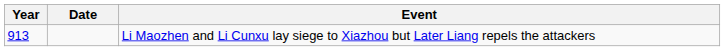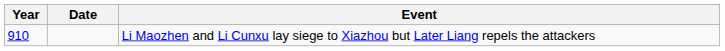 <table class="wikitable" width="100%">
 <tr>
 <th style="width:6%">Year</th>
 <th style="width:10%">Date</th>
 <th>Event</th>
 </tr>
 <tr>
-<td><a href='#'>913</a></td>
+<td><a href='#'>910</a></td>
 <td></td>
 <td><a href='#'>Li Maozhen</a> and <a href='#'>Li Cunxu</a> lay siege to <a href='#'>Xiazhou</a> but <a href='#'>Later Liang</a> repels the attackers</td>
 </tr>
 </table>
